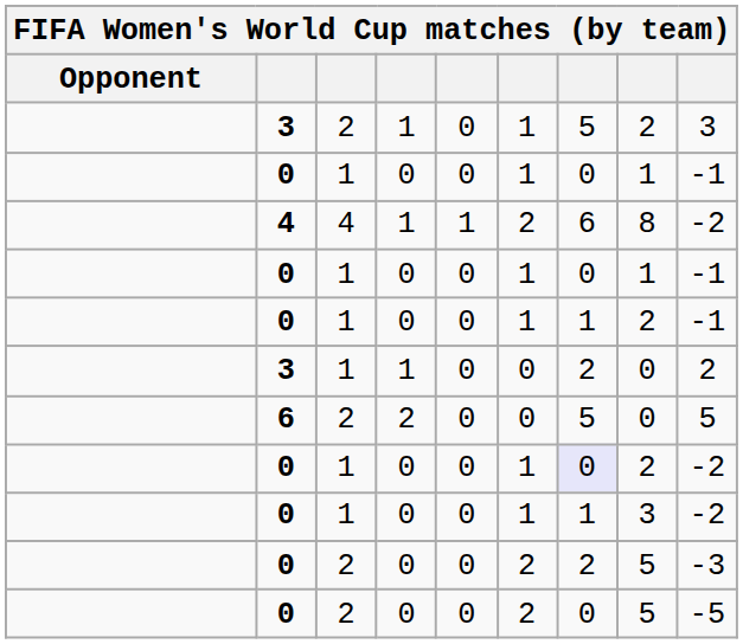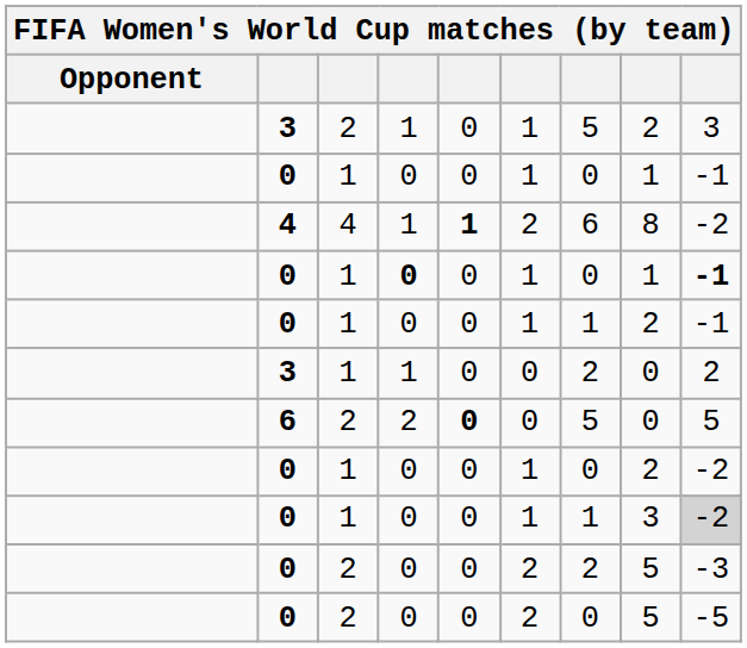 <table class="wikitable sortable" style="text-align: center;">
 <tr>
 <th colspan=9>FIFA Women's World Cup matches (by team)</th>
 </tr>
 <tr>
 <th>Opponent</th>
 <th style="width:20px;"></th>
 <th style="width:20px;"></th>
 <th style="width:20px;"></th>
 <th style="width:20px;"></th>
 <th style="width:20px;"></th>
 <th style="width:20px;"></th>
 <th style="width:20px;"></th>
 <th style="width:20px;"></th>
 </tr>
 <tr>
 <td align="left"></td>
 <td><strong>3</strong></td>
 <td>2</td>
 <td>1</td>
 <td>0</td>
 <td>1</td>
 <td>5</td>
 <td>2</td>
 <td>3</td>
 </tr>
 <tr>
 <td align="left"></td>
 <td><strong>0</strong></td>
 <td>1</td>
 <td>0</td>
 <td>0</td>
 <td>1</td>
 <td>0</td>
 <td>1</td>
 <td>-1</td>
 </tr>
 <tr>
 <td align="left"></td>
 <td><strong>4</strong></td>
 <td>4</td>
 <td>1</td>
-<td>1</td>
+<td><strong>1</strong></td>
 <td>2</td>
 <td>6</td>
 <td>8</td>
 <td>-2</td>
 </tr>
 <tr>
 <td align="left"></td>
 <td><strong>0</strong></td>
 <td>1</td>
-<td>0</td>
+<td><strong>0</strong></td>
 <td>0</td>
 <td>1</td>
 <td>0</td>
 <td>1</td>
-<td>-1</td>
+<td><strong>-1</strong></td>
 </tr>
 <tr>
 <td align="left"></td>
 <td><strong>0</strong></td>
 <td>1</td>
 <td>0</td>
 <td>0</td>
 <td>1</td>
 <td>1</td>
 <td>2</td>
 <td>-1</td>
 </tr>
 <tr>
 <td align="left"></td>
 <td><strong>3</strong></td>
 <td>1</td>
 <td>1</td>
 <td>0</td>
 <td>0</td>
 <td>2</td>
 <td>0</td>
 <td>2</td>
 </tr>
 <tr>
 <td align="left"></td>
 <td><strong>6</strong></td>
 <td>2</td>
 <td>2</td>
-<td>0</td>
+<td><strong>0</strong></td>
 <td>0</td>
 <td>5</td>
 <td>0</td>
 <td>5</td>
 </tr>
 <tr>
 <td align="left"></td>
 <td><strong>0</strong></td>
 <td>1</td>
 <td>0</td>
 <td>0</td>
 <td>1</td>
-<td style="background: lavender;">0</td>
+<td>0</td>
 <td>2</td>
 <td>-2</td>
 </tr>
 <tr>
 <td align="left"></td>
 <td><strong>0</strong></td>
 <td>1</td>
 <td>0</td>
 <td>0</td>
 <td>1</td>
 <td>1</td>
 <td>3</td>
-<td>-2</td>
+<td style="background: lightgrey;">-2</td>
 </tr>
 <tr>
 <td align="left"></td>
 <td><strong>0</strong></td>
 <td>2</td>
 <td>0</td>
 <td>0</td>
 <td>2</td>
 <td>2</td>
 <td>5</td>
 <td>-3</td>
 </tr>
 <tr>
 <td align="left"></td>
 <td><strong>0</strong></td>
 <td>2</td>
 <td>0</td>
 <td>0</td>
 <td>2</td>
 <td>0</td>
 <td>5</td>
 <td>-5</td>
 </tr>
 </table>
